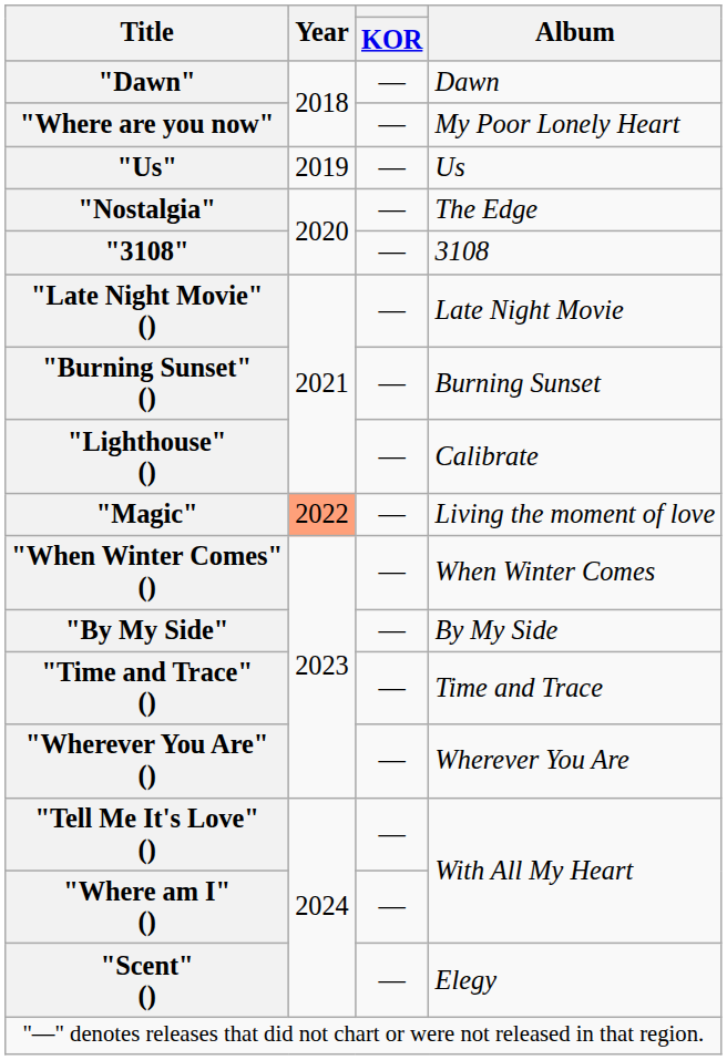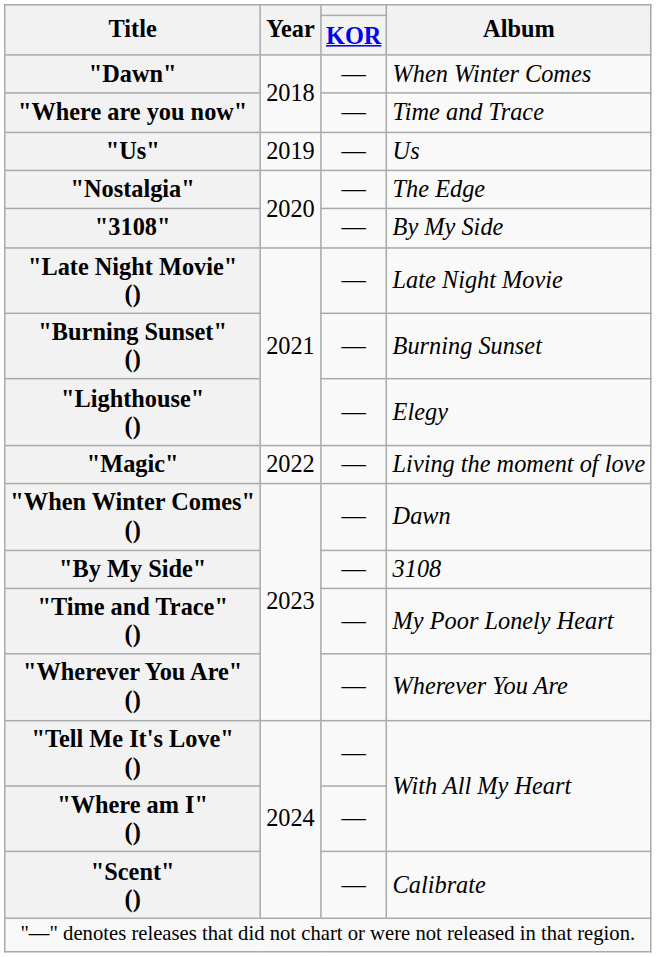 <table class="wikitable plainrowheaders sortable" text-align="center">
 <tr>
 <th scope="col" rowspan="2">Title</th>
 <th scope="col" rowspan="2">Year</th>
 <th scope="col"></th>
 <th scope="col" rowspan="2">Album</th>
 </tr>
 <tr>
 <th scope="col" class="unsortable"><a href='#'>KOR</a></th>
 </tr>
 <tr>
 <th scope="row">"Dawn"</th>
 <td rowspan="2">2018</td>
 <td style="text-align:center">—</td>
-<td><em>Dawn</em></td>
+<td><em>When Winter Comes</em></td>
 </tr>
 <tr>
 <th scope="row">"Where are you now"</th>
 <td style="text-align:center">—</td>
-<td><em>My Poor Lonely Heart</em></td>
+<td><em>Time and Trace</em></td>
 </tr>
 <tr>
 <th scope="row">"Us"</th>
 <td>2019</td>
 <td style="text-align:center">—</td>
 <td><em>Us</em></td>
 </tr>
 <tr>
 <th scope="row">"Nostalgia" </th>
 <td rowspan="2">2020</td>
 <td style="text-align:center">—</td>
 <td><em>The Edge</em></td>
 </tr>
 <tr>
 <th scope="row">"3108"</th>
 <td style="text-align:center">—</td>
-<td><em>3108</em></td>
+<td><em>By My Side</em></td>
 </tr>
 <tr>
 <th scope="row">"Late Night Movie"<br>()</th>
 <td rowspan="3">2021</td>
 <td style="text-align:center">—</td>
 <td><em>Late Night Movie</em></td>
 </tr>
 <tr>
 <th scope="row">"Burning Sunset"<br>()</th>
 <td style="text-align:center">—</td>
 <td><em>Burning Sunset</em></td>
 </tr>
 <tr>
 <th scope="row">"Lighthouse"<br>()</th>
 <td style="text-align:center">—</td>
-<td><em>Calibrate</em></td>
+<td><em>Elegy</em></td>
 </tr>
 <tr>
 <th scope="row">"Magic"</th>
-<td style="background: lightsalmon;">2022</td>
+<td>2022</td>
 <td style="text-align:center">—</td>
 <td><em>Living the moment of love</em></td>
 </tr>
 <tr>
 <th scope="row">"When Winter Comes"<br>()</th>
 <td rowspan="4">2023</td>
 <td style="text-align:center">—</td>
-<td><em>When Winter Comes</em></td>
+<td><em>Dawn</em></td>
 </tr>
 <tr>
 <th scope="row">"By My Side"</th>
 <td style="text-align:center">—</td>
-<td><em>By My Side</em></td>
+<td><em>3108</em></td>
 </tr>
 <tr>
 <th scope="row">"Time and Trace"<br>()</th>
 <td style="text-align:center">—</td>
-<td><em>Time and Trace</em></td>
+<td><em>My Poor Lonely Heart</em></td>
 </tr>
 <tr>
 <th scope="row">"Wherever You Are"<br>()</th>
 <td style="text-align:center">—</td>
 <td><em>Wherever You Are</em></td>
 </tr>
 <tr>
 <th scope="row">"Tell Me It's Love"<br>()</th>
 <td rowspan="3">2024</td>
 <td style="text-align:center">—</td>
 <td rowspan="2"><em>With All My Heart</em></td>
 </tr>
 <tr>
 <th scope="row">"Where am I"<br>()</th>
 <td style="text-align:center">—</td>
 </tr>
 <tr>
 <th scope="row">"Scent"<br>()</th>
 <td style="text-align:center">—</td>
-<td><em>Elegy</em></td>
+<td><em>Calibrate</em></td>
 </tr>
 <tr>
 <td colspan="4" style="font-size:85%; text-align:center">"—" denotes releases that did not chart or were not released in that region.</td>
 </tr>
 </table>
